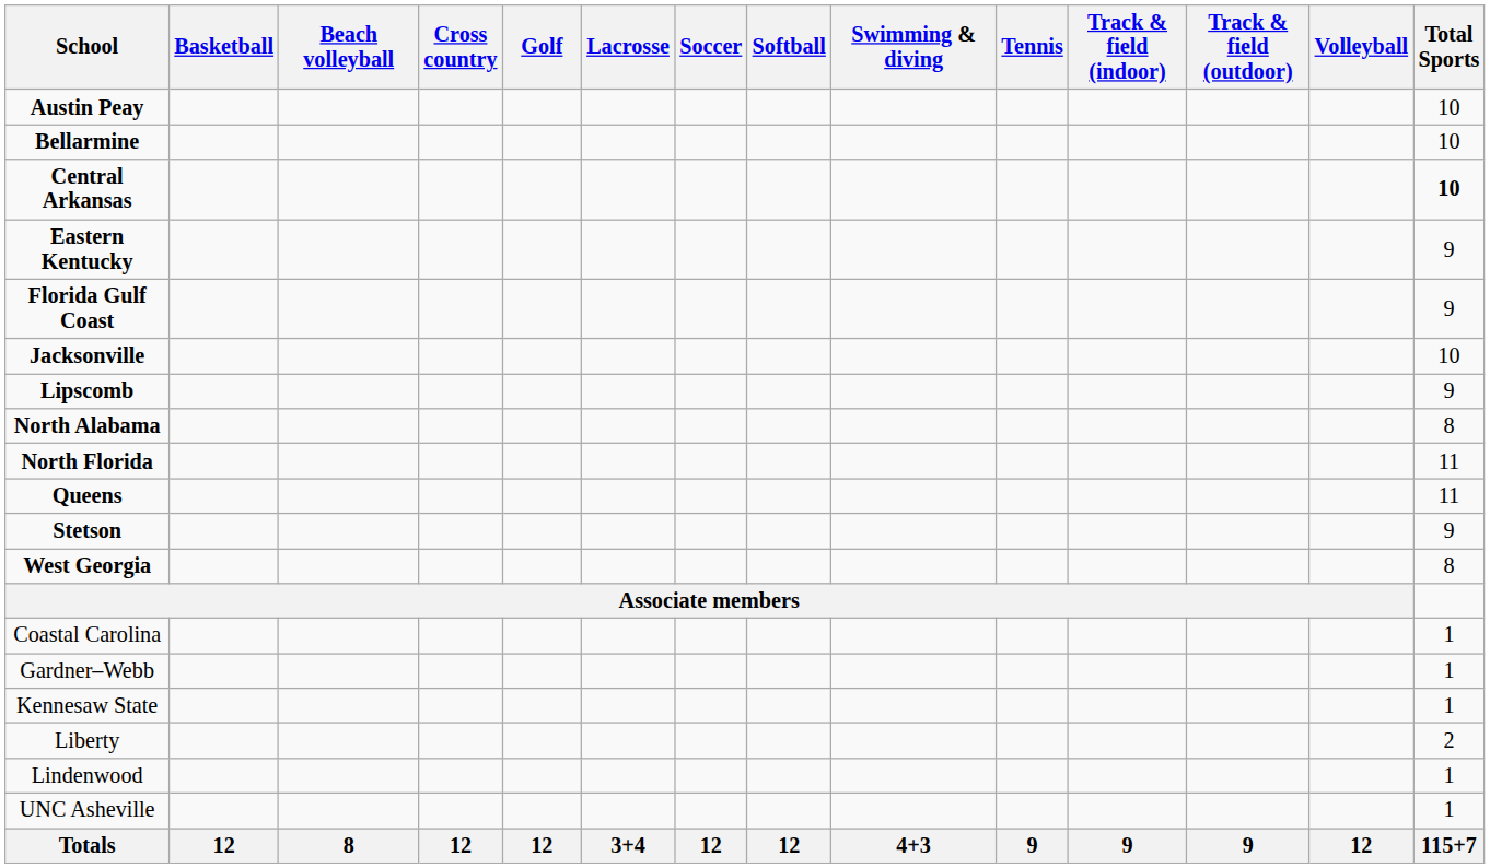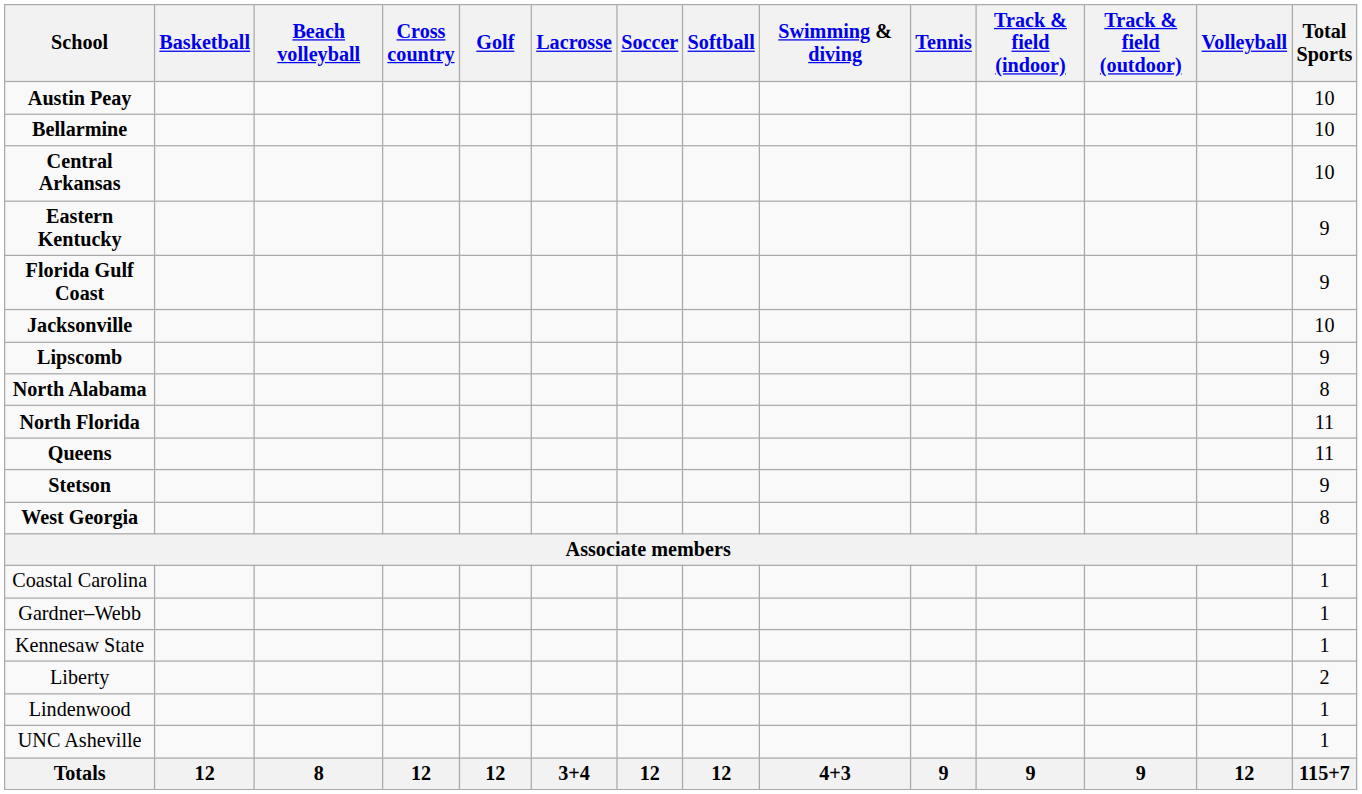 <table class="wikitable sortable" style="text-align:center; width:85%">
 <tr style="text-align:center">
 <th>School</th>
 <th><a href='#'>Basketball</a></th>
 <th><a href='#'>Beach volleyball</a></th>
 <th><a href='#'>Cross<br>country</a></th>
 <th width=50px><a href='#'>Golf</a></th>
 <th><a href='#'>Lacrosse</a></th>
 <th><a href='#'>Soccer</a></th>
 <th><a href='#'>Softball</a></th>
 <th><a href='#'>Swimming</a> & <a href='#'>diving</a></th>
 <th><a href='#'>Tennis</a></th>
 <th><a href='#'>Track & field<br>(indoor)</a></th>
 <th><a href='#'>Track & field<br>(outdoor)</a></th>
 <th><a href='#'>Volleyball</a></th>
 <th>Total<br>Sports</th>
 </tr>
 <tr align=center>
 <td><strong>Austin Peay</strong></td>
 <td></td>
 <td></td>
 <td></td>
 <td></td>
 <td></td>
 <td></td>
 <td></td>
 <td></td>
 <td></td>
 <td></td>
 <td></td>
 <td></td>
 <td>10</td>
 </tr>
 <tr align=center>
 <td><strong>Bellarmine</strong></td>
 <td></td>
 <td></td>
 <td></td>
 <td></td>
 <td></td>
 <td></td>
 <td></td>
 <td></td>
 <td></td>
 <td></td>
 <td></td>
 <td></td>
 <td>10</td>
 </tr>
 <tr align=center>
 <td><strong>Central Arkansas</strong></td>
 <td></td>
 <td></td>
 <td></td>
 <td></td>
 <td></td>
 <td></td>
 <td></td>
 <td></td>
 <td></td>
 <td></td>
 <td></td>
 <td></td>
-<td><strong>10</strong></td>
+<td>10</td>
 </tr>
 <tr align=center>
 <td><strong>Eastern Kentucky</strong></td>
 <td></td>
 <td></td>
 <td></td>
 <td></td>
 <td></td>
 <td></td>
 <td></td>
 <td></td>
 <td></td>
 <td></td>
 <td></td>
 <td></td>
 <td>9</td>
 </tr>
 <tr align=center>
 <td><strong>Florida Gulf Coast</strong></td>
 <td></td>
 <td></td>
 <td></td>
 <td></td>
 <td></td>
 <td></td>
 <td></td>
 <td></td>
 <td></td>
 <td></td>
 <td></td>
 <td></td>
 <td>9</td>
 </tr>
 <tr align=center>
 <td><strong>Jacksonville</strong></td>
 <td></td>
 <td></td>
 <td></td>
 <td></td>
 <td></td>
 <td></td>
 <td></td>
 <td></td>
 <td></td>
 <td></td>
 <td></td>
 <td></td>
 <td>10</td>
 </tr>
 <tr align=center>
 <td><strong>Lipscomb</strong></td>
 <td></td>
 <td></td>
 <td></td>
 <td></td>
 <td></td>
 <td></td>
 <td></td>
 <td></td>
 <td></td>
 <td></td>
 <td></td>
 <td></td>
 <td>9</td>
 </tr>
 <tr align=center>
 <td><strong>North Alabama</strong></td>
 <td></td>
 <td></td>
 <td></td>
 <td></td>
 <td></td>
 <td></td>
 <td></td>
 <td></td>
 <td></td>
 <td></td>
 <td></td>
 <td></td>
 <td>8</td>
 </tr>
 <tr align=center>
 <td><strong>North Florida</strong></td>
 <td></td>
 <td></td>
 <td></td>
 <td></td>
 <td></td>
 <td></td>
 <td></td>
 <td></td>
 <td></td>
 <td></td>
 <td></td>
 <td></td>
 <td>11</td>
 </tr>
 <tr align=center>
 <td><strong>Queens</strong></td>
 <td></td>
 <td></td>
 <td></td>
 <td></td>
 <td></td>
 <td></td>
 <td></td>
 <td></td>
 <td></td>
 <td></td>
 <td></td>
 <td></td>
 <td>11</td>
 </tr>
 <tr align=center>
 <td><strong>Stetson</strong></td>
 <td></td>
 <td></td>
 <td></td>
 <td></td>
 <td></td>
 <td></td>
 <td></td>
 <td></td>
 <td></td>
 <td></td>
 <td></td>
 <td></td>
 <td>9</td>
 </tr>
 <tr align=center>
 <td><strong>West Georgia</strong></td>
 <td></td>
 <td></td>
 <td></td>
 <td></td>
 <td></td>
 <td></td>
 <td></td>
 <td></td>
 <td></td>
 <td></td>
 <td></td>
 <td></td>
 <td>8</td>
 </tr>
 <tr>
 <th colspan=13>Associate members</th>
 </tr>
 <tr align=center>
 <td>Coastal Carolina</td>
 <td></td>
 <td></td>
 <td></td>
 <td></td>
 <td></td>
 <td></td>
 <td></td>
 <td></td>
 <td></td>
 <td></td>
 <td></td>
 <td></td>
 <td>1</td>
 </tr>
 <tr align=center>
 <td>Gardner–Webb</td>
 <td></td>
 <td></td>
 <td></td>
 <td></td>
 <td></td>
 <td></td>
 <td></td>
 <td></td>
 <td></td>
 <td></td>
 <td></td>
 <td></td>
 <td>1</td>
 </tr>
 <tr align=center>
 <td>Kennesaw State</td>
 <td></td>
 <td></td>
 <td></td>
 <td></td>
 <td></td>
 <td></td>
 <td></td>
 <td></td>
 <td></td>
 <td></td>
 <td></td>
 <td></td>
 <td>1</td>
 </tr>
 <tr align=center>
 <td>Liberty</td>
 <td></td>
 <td></td>
 <td></td>
 <td></td>
 <td></td>
 <td></td>
 <td></td>
 <td></td>
 <td></td>
 <td></td>
 <td></td>
 <td></td>
 <td>2</td>
 </tr>
 <tr align=center>
 <td>Lindenwood</td>
 <td></td>
 <td></td>
 <td></td>
 <td></td>
 <td></td>
 <td></td>
 <td></td>
 <td></td>
 <td></td>
 <td></td>
 <td></td>
 <td></td>
 <td>1</td>
 </tr>
 <tr align=center>
 <td>UNC Asheville</td>
 <td></td>
 <td></td>
 <td></td>
 <td></td>
 <td></td>
 <td></td>
 <td></td>
 <td></td>
 <td></td>
 <td></td>
 <td></td>
 <td></td>
 <td>1<br></td>
 </tr>
 <tr>
 <th>Totals</th>
 <th>12</th>
 <th>8</th>
 <th>12</th>
 <th>12</th>
 <th>3+4</th>
 <th>12</th>
 <th>12</th>
 <th>4+3</th>
 <th>9</th>
 <th>9</th>
 <th>9</th>
 <th>12</th>
 <th>115+7</th>
 </tr>
 </table>
